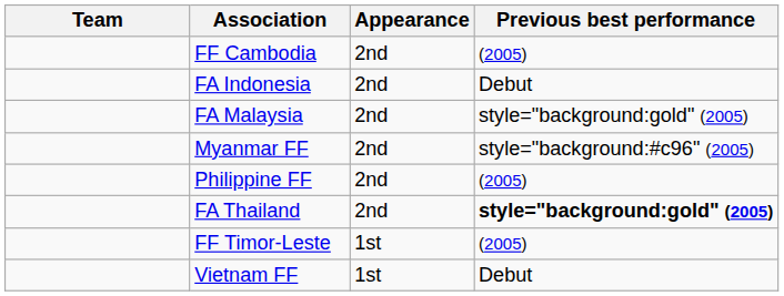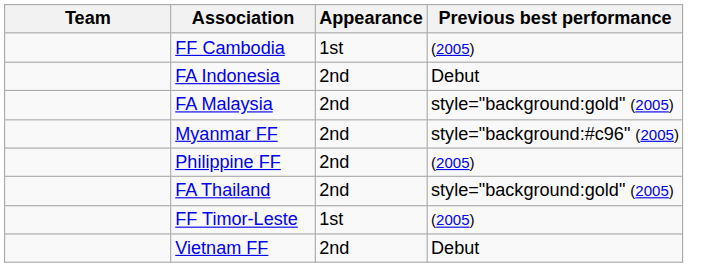 <table class="wikitable sortable">
 <tr>
 <th style="width:140px;">Team</th>
 <th style="width:120px;">Association</th>
 <th style="width:75px;">Appearance</th>
 <th>Previous best performance</th>
 </tr>
 <tr>
 <td></td>
 <td><a href='#'>FF Cambodia</a></td>
-<td>2nd</td>
+<td>1st</td>
 <td> <small>(<a href='#'>2005</a>)</small></td>
 </tr>
 <tr>
 <td></td>
 <td><a href='#'>FA Indonesia</a></td>
 <td>2nd</td>
 <td data-sort-value="0">Debut</td>
 </tr>
 <tr>
 <td></td>
 <td><a href='#'>FA Malaysia</a></td>
 <td>2nd</td>
 <td>style="background:gold"  <small>(<a href='#'>2005</a>)</small></td>
 </tr>
 <tr>
 <td></td>
 <td><a href='#'>Myanmar FF</a></td>
 <td>2nd</td>
 <td>style="background:#c96"  <small>(<a href='#'>2005</a>)</small></td>
 </tr>
 <tr>
 <td></td>
 <td><a href='#'>Philippine FF</a></td>
 <td>2nd</td>
 <td> <small>(<a href='#'>2005</a>)</small></td>
 </tr>
 <tr>
 <td></td>
 <td><a href='#'>FA Thailand</a></td>
 <td>2nd</td>
-<td><strong>style="background:gold"  <small>(<a href='#'>2005</a>)</small></strong></td>
+<td>style="background:gold"  <small>(<a href='#'>2005</a>)</small></td>
 </tr>
 <tr>
 <td></td>
 <td><a href='#'>FF Timor-Leste</a></td>
 <td>1st</td>
 <td> <small>(<a href='#'>2005</a>)</small></td>
 </tr>
 <tr>
 <td></td>
 <td><a href='#'>Vietnam FF</a></td>
-<td>1st</td>
+<td>2nd</td>
 <td data-sort-value="0">Debut</td>
 </tr>
 </table>
